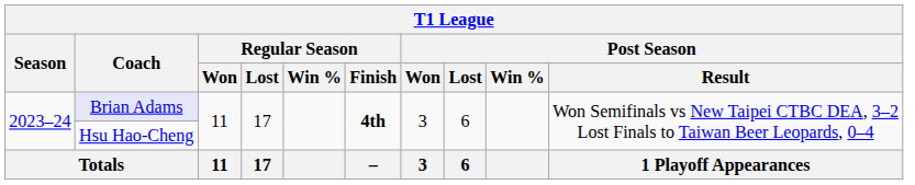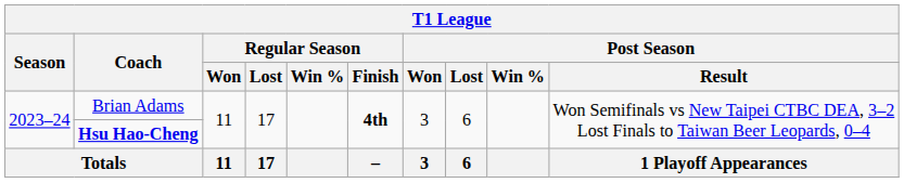 <table class="wikitable" style="font-size: 95%; text-align:center;">
 <tr>
 <th colspan="10"><a href='#'>T1 League</a></th>
 </tr>
 <tr>
 <th rowspan="2">Season</th>
 <th rowspan="2">Coach</th>
 <th colspan="4">Regular Season</th>
 <th colspan="4">Post Season</th>
 </tr>
 <tr>
 <th>Won</th>
 <th>Lost</th>
 <th>Win %</th>
 <th>Finish</th>
 <th>Won</th>
 <th>Lost</th>
 <th>Win %</th>
 <th>Result</th>
 </tr>
 <tr>
 <td rowspan="2"><a href='#'>2023–24</a></td>
-<td style="background: lavender;"><a href='#'>Brian Adams</a></td>
+<td><a href='#'>Brian Adams</a></td>
 <td rowspan="2">11</td>
 <td rowspan="2">17</td>
 <td rowspan="2"></td>
 <td rowspan="2"><strong>4th</strong></td>
 <td rowspan="2">3</td>
 <td rowspan="2">6</td>
 <td rowspan="2"></td>
 <td rowspan="2">Won Semifinals vs <a href='#'>New Taipei CTBC DEA</a>, <a href='#'>3–2</a><br>Lost Finals to <a href='#'>Taiwan Beer Leopards</a>, <a href='#'>0–4</a></td>
 </tr>
 <tr>
-<td><a href='#'>Hsu Hao-Cheng</a></td>
+<td><strong><a href='#'>Hsu Hao-Cheng</a></strong></td>
 </tr>
 <tr>
 <th colspan="2">Totals</th>
 <th>11</th>
 <th>17</th>
 <th></th>
 <th>–</th>
 <th>3</th>
 <th>6</th>
 <th></th>
 <th>1 Playoff Appearances</th>
 </tr>
 </table>
